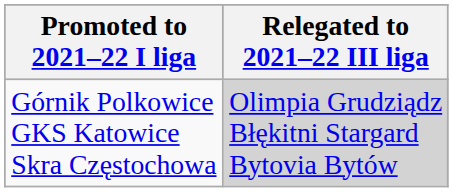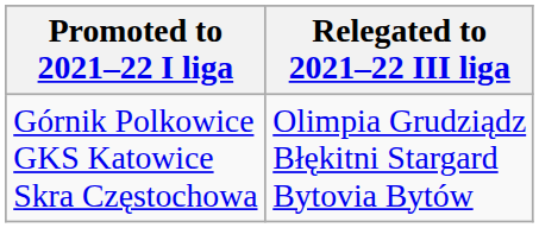 <table class="wikitable">
 <tr>
 <th>Promoted to<br><a href='#'>2021–22 I liga</a></th>
 <th>Relegated to<br><a href='#'>2021–22 III liga</a></th>
 </tr>
 <tr>
 <td> <a href='#'>Górnik Polkowice</a><br> <a href='#'>GKS Katowice</a><br> <a href='#'>Skra Częstochowa</a></td>
-<td style="background: lightgrey;"> <a href='#'>Olimpia Grudziądz</a><br> <a href='#'>Błękitni Stargard</a><br> <a href='#'>Bytovia Bytów</a></td>
+<td> <a href='#'>Olimpia Grudziądz</a><br> <a href='#'>Błękitni Stargard</a><br> <a href='#'>Bytovia Bytów</a></td>
 </tr>
 </table>
